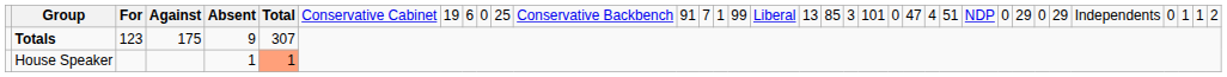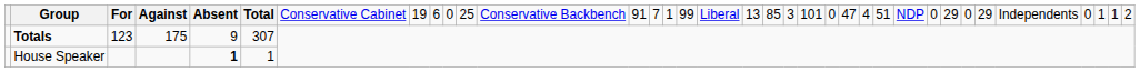 <table class="wikitable">
 <tr>
 <th></th>
 <th>Group</th>
 <th>For</th>
 <th>Against</th>
 <th>Absent</th>
 <th>Total<br></th>
 <td><a href='#'>Conservative Cabinet</a></td>
 <td align="right">19</td>
 <td align="right">6</td>
 <td align="right">0</td>
 <td align="right">25<br></td>
 <td><a href='#'>Conservative Backbench</a></td>
 <td align="right">91</td>
 <td align="right">7</td>
 <td align="right">1</td>
 <td align="right">99<br></td>
 <td><a href='#'>Liberal</a></td>
 <td align="right">13</td>
 <td align="right">85</td>
 <td align="right">3</td>
 <td align="right">101<br></td>
 <td align="right">0</td>
 <td align="right">47</td>
 <td align="right">4</td>
 <td align="right">51<br></td>
 <td><a href='#'>NDP</a></td>
 <td align="right">0</td>
 <td align="right">29</td>
 <td align="right">0</td>
 <td align="right">29<br></td>
 <td>Independents</td>
 <td align="right">0</td>
 <td align="right">1</td>
 <td align="right">1</td>
 <td align="right">2</td>
 </tr>
 <tr>
 <td></td>
 <td><strong>Totals</strong></td>
 <td align="right">123</td>
 <td align="right">175</td>
 <td align="right">9</td>
 <td align="right">307</td>
 </tr>
 <tr>
 <td></td>
 <td>House Speaker</td>
 <td></td>
 <td></td>
+<td align="right"><strong>1</strong></td>
 <td align="right">1</td>
-<td align="right" style="background: lightsalmon;">1</td>
 </tr>
 </table>
